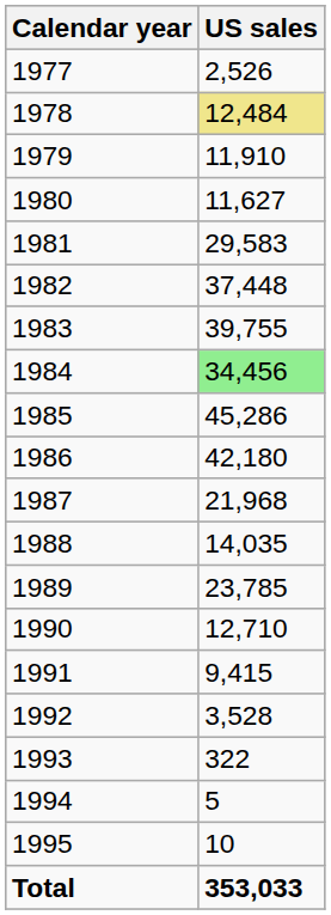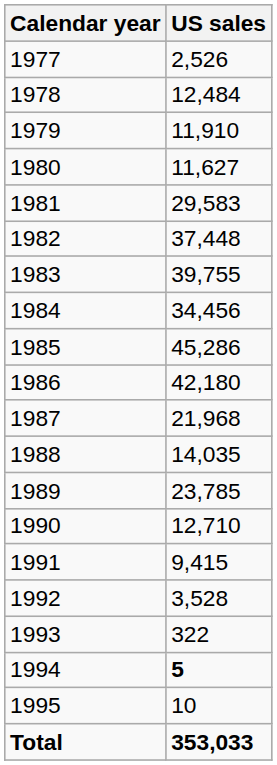 <table class=wikitable style="font-size:90%">
 <tr>
 <th>Calendar year</th>
 <th>US sales</th>
 </tr>
 <tr>
 <td>1977</td>
 <td>2,526</td>
 </tr>
 <tr>
 <td>1978</td>
-<td style="background: khaki;">12,484</td>
+<td>12,484</td>
 </tr>
 <tr>
 <td>1979</td>
 <td>11,910</td>
 </tr>
 <tr>
 <td>1980</td>
 <td>11,627</td>
 </tr>
 <tr>
 <td>1981</td>
 <td>29,583</td>
 </tr>
 <tr>
 <td>1982</td>
 <td>37,448</td>
 </tr>
 <tr>
 <td>1983</td>
 <td>39,755</td>
 </tr>
 <tr>
 <td>1984</td>
-<td style="background: lightgreen;">34,456</td>
+<td>34,456</td>
 </tr>
 <tr>
 <td>1985</td>
 <td>45,286</td>
 </tr>
 <tr>
 <td>1986</td>
 <td>42,180</td>
 </tr>
 <tr>
 <td>1987</td>
 <td>21,968</td>
 </tr>
 <tr>
 <td>1988</td>
 <td>14,035</td>
 </tr>
 <tr>
 <td>1989</td>
 <td>23,785</td>
 </tr>
 <tr>
 <td>1990</td>
 <td>12,710</td>
 </tr>
 <tr>
 <td>1991</td>
 <td>9,415</td>
 </tr>
 <tr>
 <td>1992</td>
 <td>3,528</td>
 </tr>
 <tr>
 <td>1993</td>
 <td>322</td>
 </tr>
 <tr>
 <td>1994</td>
-<td>5</td>
+<td><strong>5</strong></td>
 </tr>
 <tr>
 <td>1995</td>
 <td>10</td>
 </tr>
 <tr>
 <td><strong>Total</strong></td>
 <td><strong>353,033</strong></td>
 </tr>
 </table>
